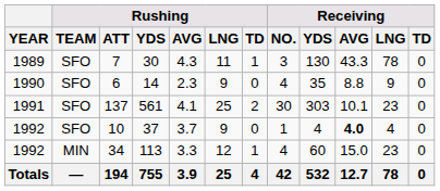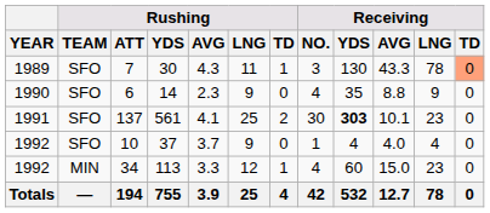 <table class=wikitable style="text-align:center">
 <tr>
 <th></th>
 <th colspan="6" style="background:#e7e3e7;">Rushing</th>
 <th colspan="5" style="background:#e7e3e7;">Receiving</th>
 </tr>
 <tr>
 <th>YEAR</th>
 <th>TEAM</th>
 <th>ATT</th>
 <th>YDS</th>
 <th>AVG</th>
 <th>LNG</th>
 <th>TD</th>
 <th>NO.</th>
 <th>YDS</th>
 <th>AVG</th>
 <th>LNG</th>
 <th>TD</th>
 </tr>
 <tr>
 <td>1989</td>
 <td>SFO</td>
 <td>7</td>
 <td>30</td>
 <td>4.3</td>
 <td>11</td>
 <td>1</td>
 <td>3</td>
 <td>130</td>
 <td>43.3</td>
 <td>78</td>
-<td>0</td>
+<td style="background: lightsalmon;">0</td>
 </tr>
 <tr>
 <td>1990</td>
 <td>SFO</td>
 <td>6</td>
 <td>14</td>
 <td>2.3</td>
 <td>9</td>
 <td>0</td>
 <td>4</td>
 <td>35</td>
 <td>8.8</td>
 <td>9</td>
 <td>0</td>
 </tr>
 <tr>
 <td>1991</td>
 <td>SFO</td>
 <td>137</td>
 <td>561</td>
 <td>4.1</td>
 <td>25</td>
 <td>2</td>
 <td>30</td>
-<td>303</td>
+<td><strong>303</strong></td>
 <td>10.1</td>
 <td>23</td>
 <td>0</td>
 </tr>
 <tr>
 <td>1992</td>
 <td>SFO</td>
 <td>10</td>
 <td>37</td>
 <td>3.7</td>
 <td>9</td>
 <td>0</td>
 <td>1</td>
 <td>4</td>
-<td><strong>4.0</strong></td>
+<td>4.0</td>
 <td>4</td>
 <td>0</td>
 </tr>
 <tr>
 <td>1992</td>
 <td>MIN</td>
 <td>34</td>
 <td>113</td>
 <td>3.3</td>
 <td>12</td>
 <td>1</td>
 <td>4</td>
 <td>60</td>
 <td>15.0</td>
 <td>23</td>
 <td>0</td>
 </tr>
 <tr>
 <th>Totals</th>
 <th>—</th>
 <th>194</th>
 <th>755</th>
 <th>3.9</th>
 <th>25</th>
 <th>4</th>
 <th>42</th>
 <th>532</th>
 <th>12.7</th>
 <th>78</th>
 <th>0</th>
 </tr>
 </table>
